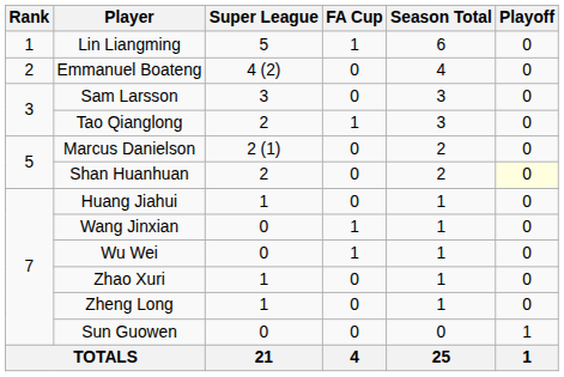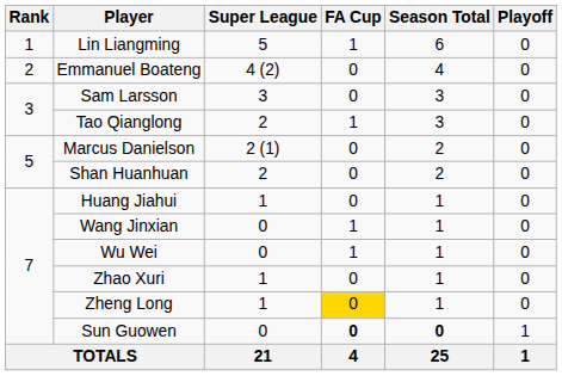 <table class="wikitable" style="text-align:center">
 <tr>
 <th>Rank</th>
 <th>Player</th>
 <th>Super League</th>
 <th>FA Cup</th>
 <th>Season Total</th>
 <th>Playoff</th>
 </tr>
 <tr>
 <td>1</td>
 <td>Lin Liangming</td>
 <td>5</td>
 <td>1</td>
 <td>6</td>
 <td>0</td>
 </tr>
 <tr>
 <td>2</td>
 <td>Emmanuel Boateng</td>
 <td>4 (2)</td>
 <td>0</td>
 <td>4</td>
 <td>0</td>
 </tr>
 <tr>
 <td rowspan="2">3</td>
 <td>Sam Larsson</td>
 <td>3</td>
 <td>0</td>
 <td>3</td>
 <td>0</td>
 </tr>
 <tr>
 <td>Tao Qianglong</td>
 <td>2</td>
 <td>1</td>
 <td>3</td>
 <td>0</td>
 </tr>
 <tr>
 <td rowspan="2">5</td>
 <td>Marcus Danielson</td>
 <td>2 (1)</td>
 <td>0</td>
 <td>2</td>
 <td>0</td>
 </tr>
 <tr>
 <td>Shan Huanhuan</td>
 <td>2</td>
 <td>0</td>
 <td>2</td>
-<td style="background: lightyellow;">0</td>
+<td>0</td>
 </tr>
 <tr>
 <td rowspan="6">7</td>
 <td>Huang Jiahui</td>
 <td>1</td>
 <td>0</td>
 <td>1</td>
 <td>0</td>
 </tr>
 <tr>
 <td>Wang Jinxian</td>
 <td>0</td>
 <td>1</td>
 <td>1</td>
 <td>0</td>
 </tr>
 <tr>
 <td>Wu Wei</td>
 <td>0</td>
 <td>1</td>
 <td>1</td>
 <td>0</td>
 </tr>
 <tr>
 <td>Zhao Xuri</td>
 <td>1</td>
 <td>0</td>
 <td>1</td>
 <td>0</td>
 </tr>
 <tr>
 <td>Zheng Long</td>
 <td>1</td>
-<td>0</td>
+<td style="background: gold;">0</td>
 <td>1</td>
 <td>0</td>
 </tr>
 <tr>
 <td>Sun Guowen</td>
 <td>0</td>
-<td>0</td>
-<td>0</td>
+<td><strong>0</strong></td>
+<td><strong>0</strong></td>
 <td>1</td>
 </tr>
 <tr class="sortbottom">
 <th colspan="2">TOTALS</th>
 <th>21</th>
 <th>4</th>
 <th>25</th>
 <th>1</th>
 </tr>
 </table>
